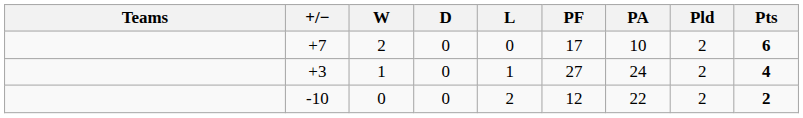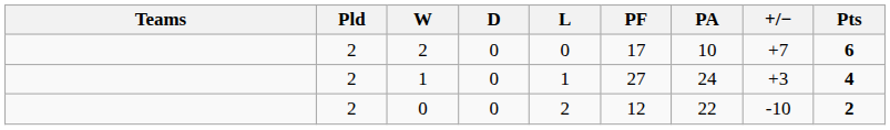 <table class="wikitable" style="text-align: center;" | width=750>
 <tr>
 <th width="200">Teams</th>
-<th width="40">+/−</th>
+<th width="40">Pld</th>
 <th width="40">W</th>
 <th width="40">D</th>
 <th width="40">L</th>
 <th width="40">PF</th>
 <th width="40">PA</th>
-<th width="40">Pld</th>
+<th width="40">+/−</th>
 <th width="40">Pts</th>
 </tr>
 <tr>
 <td align=left></td>
-<td>+7</td>
+<td>2</td>
 <td>2</td>
 <td>0</td>
 <td>0</td>
 <td>17</td>
 <td>10</td>
-<td>2</td>
+<td>+7</td>
 <td><strong>6</strong></td>
 </tr>
 <tr>
 <td align=left></td>
-<td>+3</td>
+<td>2</td>
 <td>1</td>
 <td>0</td>
 <td>1</td>
 <td>27</td>
 <td>24</td>
-<td>2</td>
+<td>+3</td>
 <td><strong>4</strong></td>
 </tr>
 <tr>
 <td align=left></td>
-<td>-10</td>
+<td>2</td>
 <td>0</td>
 <td>0</td>
 <td>2</td>
 <td>12</td>
 <td>22</td>
-<td>2</td>
+<td>-10</td>
 <td><strong>2</strong></td>
 </tr>
 </table>
